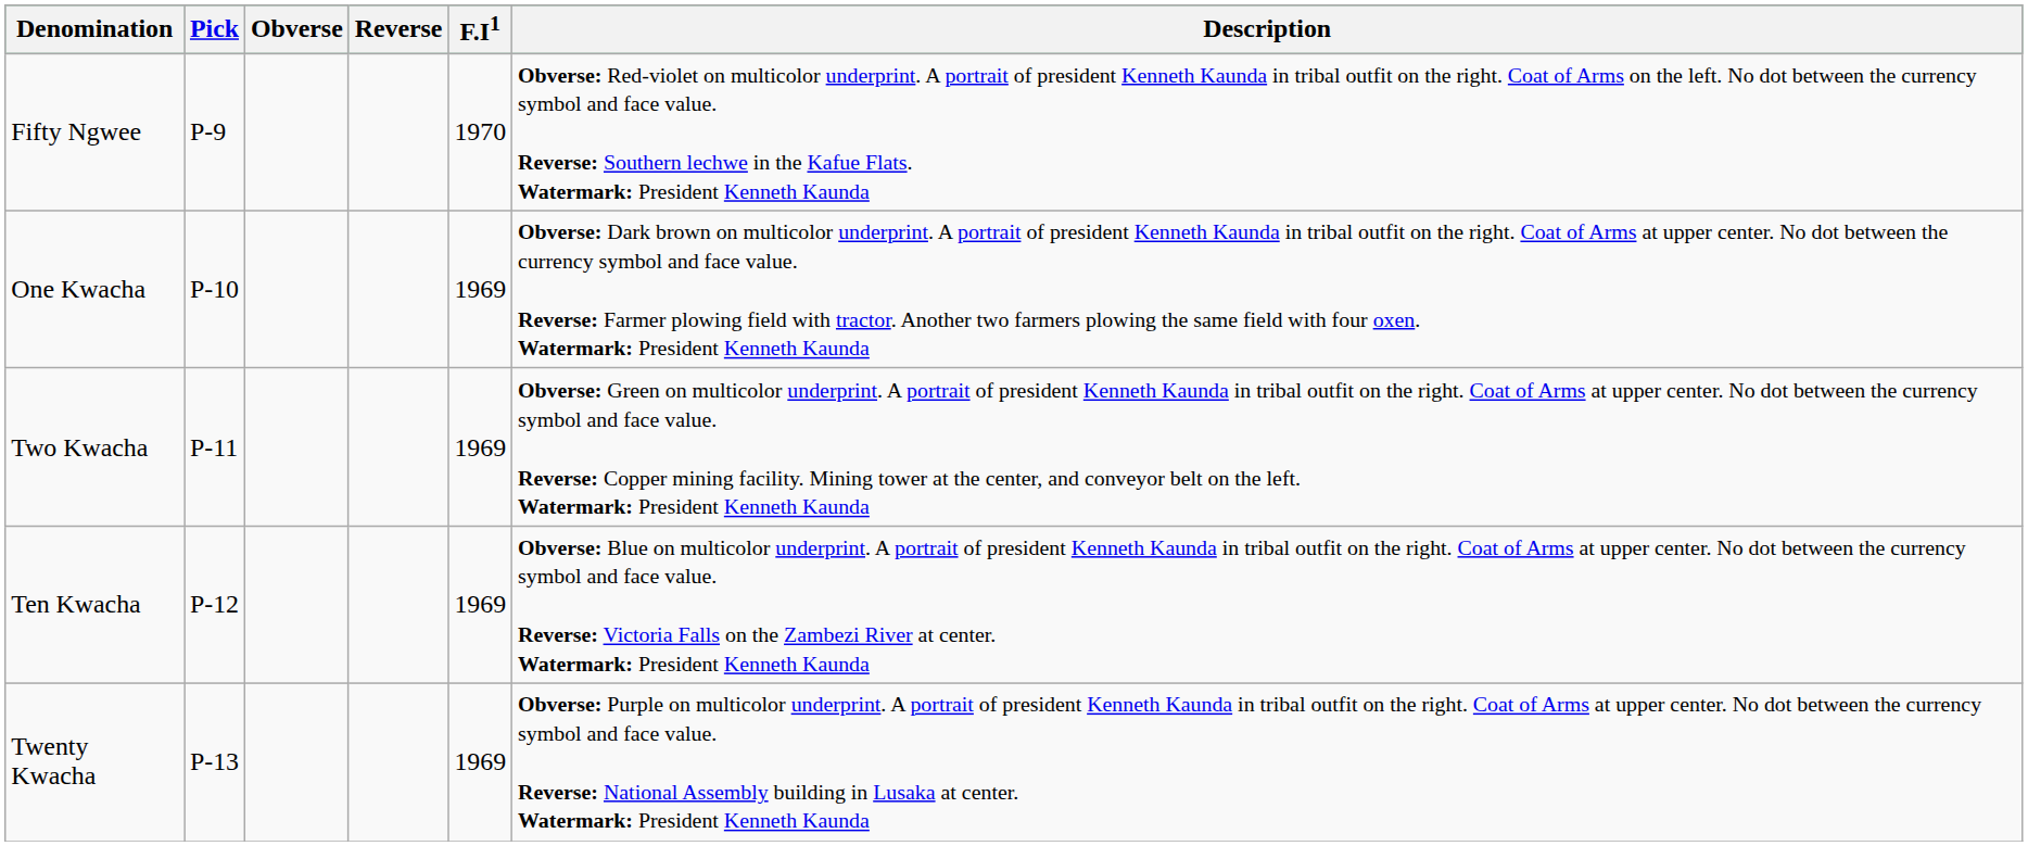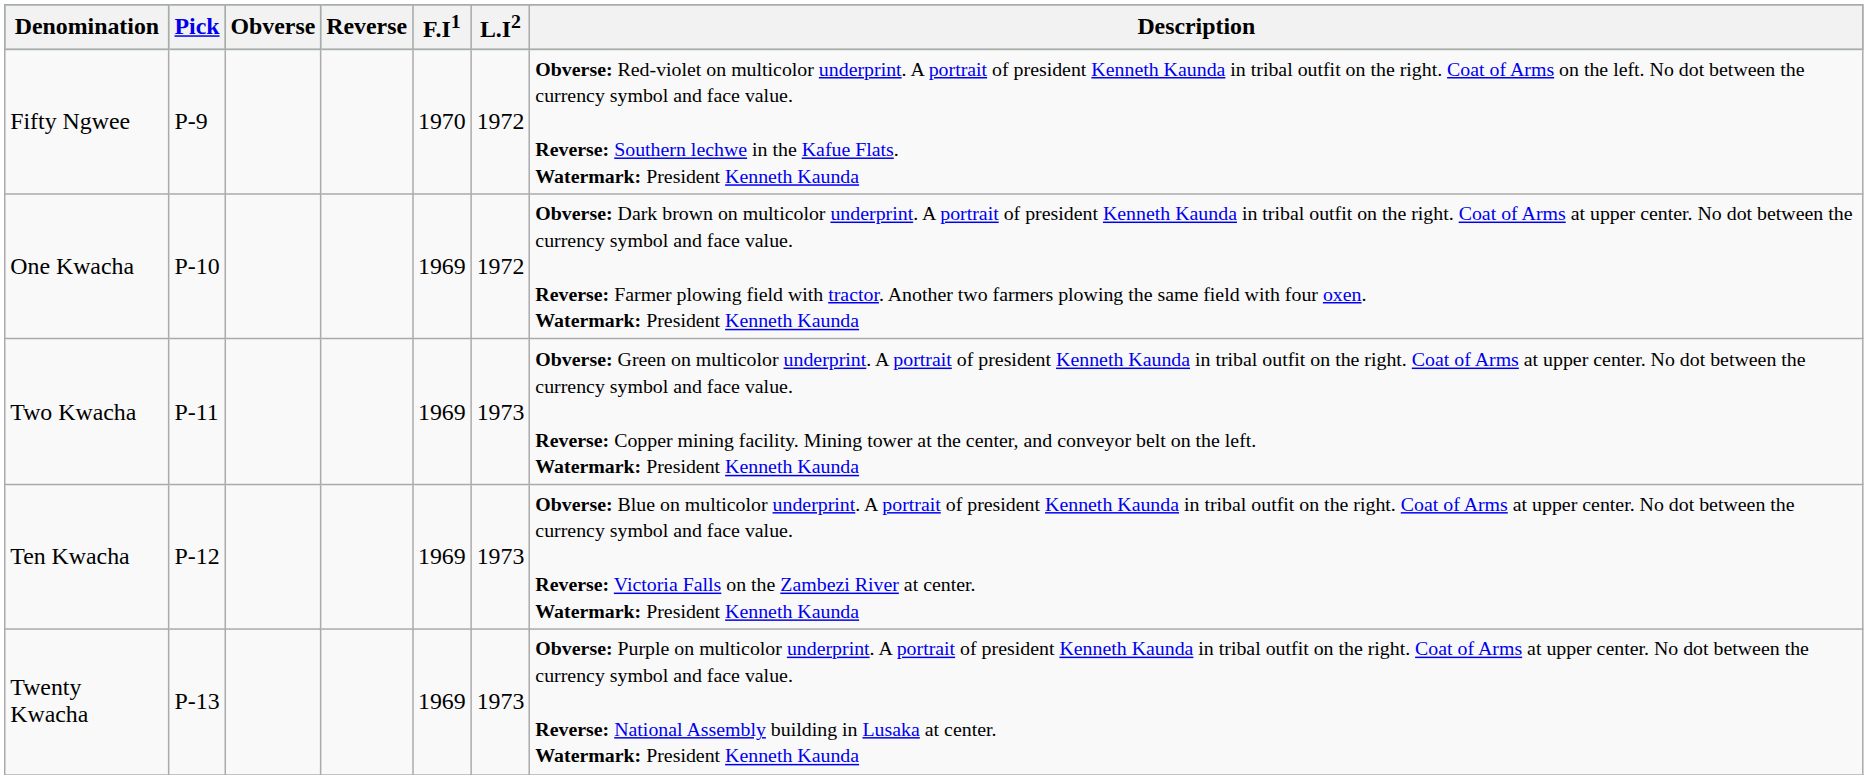 <table class="wikitable">
 <tr style="background:#2E8B57;">
 <th>Denomination</th>
 <th><a href='#'>Pick</a></th>
 <th>Obverse</th>
 <th>Reverse</th>
 <th>F.I<sup>1</sup></th>
+<th>L.I<sup>2</sup></th>
 <th>Description</th>
 </tr>
 <tr>
 <td>Fifty Ngwee</td>
 <td>P-9</td>
 <td></td>
 <td></td>
 <td>1970</td>
+<td>1972</td>
 <td><small><strong>Obverse:</strong> Red-violet on multicolor <a href='#'>underprint</a>. A <a href='#'>portrait</a> of president <a href='#'>Kenneth Kaunda</a> in tribal outfit on the right. <a href='#'>Coat of Arms</a> on the left. No dot between the currency symbol and face value.</small><br><br><small><strong>Reverse:</strong> <a href='#'>Southern lechwe</a> in the <a href='#'>Kafue Flats</a>.</small><br> <small><strong>Watermark:</strong> President <a href='#'>Kenneth Kaunda</a></small></td>
 </tr>
 <tr>
 <td>One Kwacha</td>
 <td>P-10</td>
 <td></td>
 <td></td>
 <td>1969</td>
+<td>1972</td>
 <td><small><strong>Obverse:</strong> Dark brown on multicolor <a href='#'>underprint</a>. A <a href='#'>portrait</a> of president <a href='#'>Kenneth Kaunda</a> in tribal outfit on the right. <a href='#'>Coat of Arms</a> at upper center. No dot between the currency symbol and face value.</small><br><br><small><strong>Reverse:</strong> Farmer plowing field with <a href='#'>tractor</a>. Another two farmers plowing the same field with four <a href='#'>oxen</a>.</small><br> <small><strong>Watermark:</strong> President <a href='#'>Kenneth Kaunda</a></small></td>
 </tr>
 <tr>
 <td>Two Kwacha</td>
 <td>P-11</td>
 <td></td>
 <td></td>
 <td>1969</td>
+<td>1973</td>
 <td><small><strong>Obverse:</strong> Green on multicolor <a href='#'>underprint</a>. A <a href='#'>portrait</a> of president <a href='#'>Kenneth Kaunda</a> in tribal outfit on the right. <a href='#'>Coat of Arms</a> at upper center. No dot between the currency symbol and face value.</small><br><br><small><strong>Reverse:</strong> Copper mining facility. Mining tower at the center, and conveyor belt on the left.</small><br> <small><strong>Watermark:</strong> President <a href='#'>Kenneth Kaunda</a></small></td>
 </tr>
 <tr>
 <td>Ten Kwacha</td>
 <td>P-12</td>
 <td></td>
 <td></td>
 <td>1969</td>
+<td>1973</td>
 <td><small><strong>Obverse:</strong> Blue on multicolor <a href='#'>underprint</a>. A <a href='#'>portrait</a> of president <a href='#'>Kenneth Kaunda</a> in tribal outfit on the right. <a href='#'>Coat of Arms</a> at upper center. No dot between the currency symbol and face value.</small><br><br><small><strong>Reverse:</strong> <a href='#'>Victoria Falls</a> on the <a href='#'>Zambezi River</a> at center.</small><br> <small><strong>Watermark:</strong> President <a href='#'>Kenneth Kaunda</a></small></td>
 </tr>
 <tr>
 <td>Twenty Kwacha</td>
 <td>P-13</td>
 <td></td>
 <td></td>
 <td>1969</td>
+<td>1973</td>
 <td><small><strong>Obverse:</strong> Purple on multicolor <a href='#'>underprint</a>. A <a href='#'>portrait</a> of president <a href='#'>Kenneth Kaunda</a> in tribal outfit on the right. <a href='#'>Coat of Arms</a> at upper center. No dot between the currency symbol and face value.</small><br><br><small><strong>Reverse:</strong> <a href='#'>National Assembly</a> building in <a href='#'>Lusaka</a> at center.</small><br> <small><strong>Watermark:</strong> President <a href='#'>Kenneth Kaunda</a></small></td>
 </tr>
 </table>
